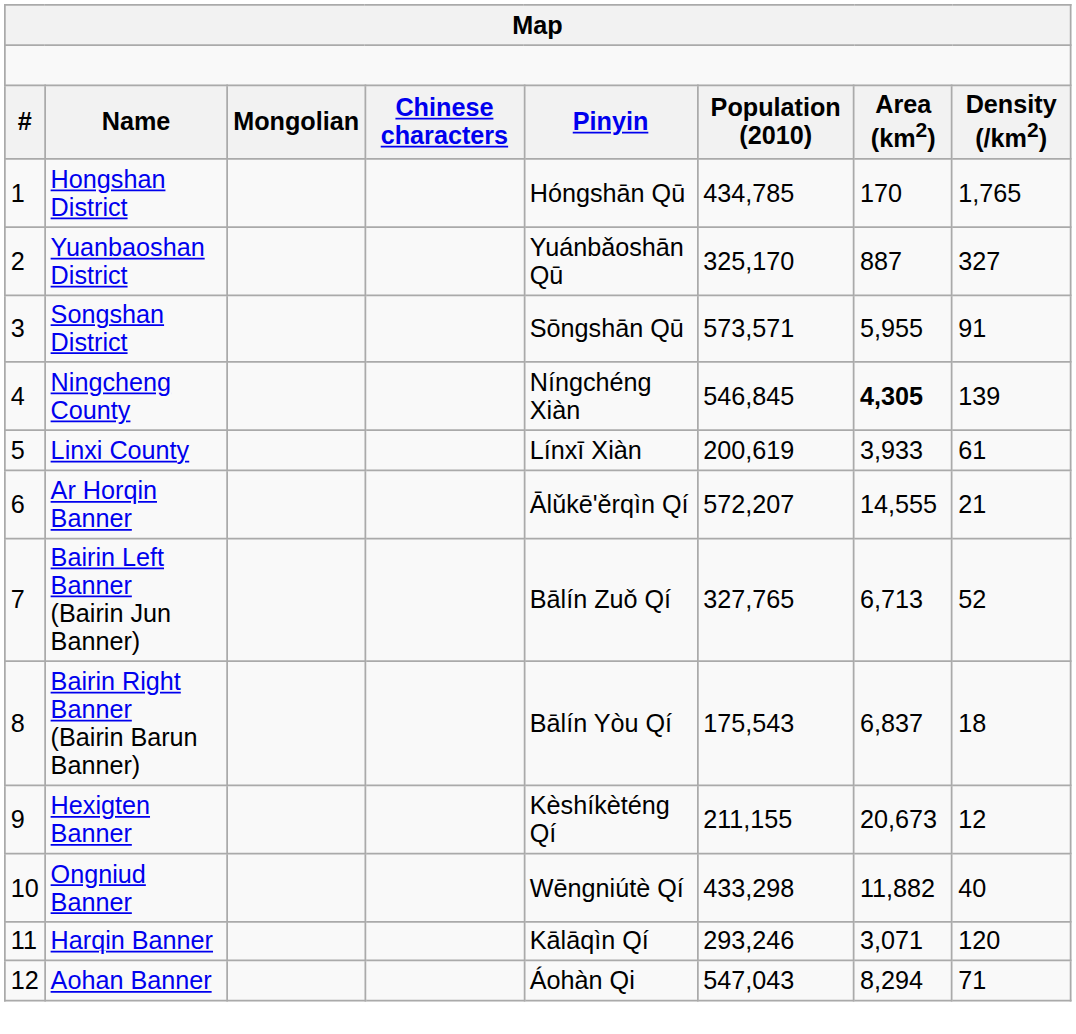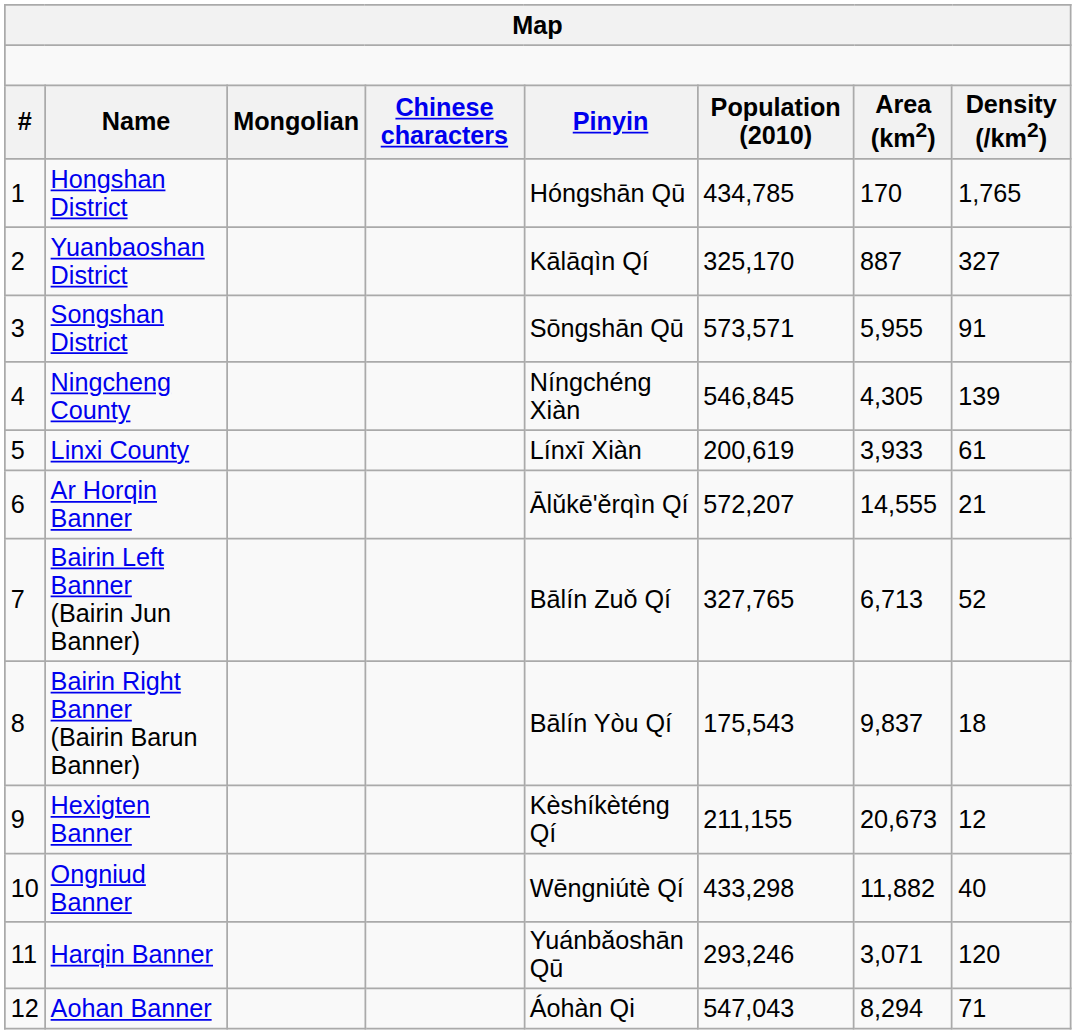 <table class="wikitable" style="font-size:90%;" align=center>
 <tr>
 <th colspan="8" align="center">Map</th>
 </tr>
 <tr>
 <td colspan="8" align="center"><div><br>                </div></td>
 </tr>
 <tr>
 <th>#</th>
 <th>Name</th>
 <th>Mongolian</th>
 <th><a href='#'>Chinese characters</a></th>
 <th><a href='#'>Pinyin</a></th>
 <th>Population (2010)</th>
 <th>Area (km<sup>2</sup>)</th>
 <th>Density (/km<sup>2</sup>)</th>
 </tr>
 <tr --------->
 <td>1</td>
 <td><a href='#'>Hongshan District</a></td>
 <td><br></td>
 <td></td>
 <td>Hóngshān Qū</td>
 <td>434,785</td>
 <td>170</td>
 <td>1,765</td>
 </tr>
 <tr --------->
 <td>2</td>
 <td><a href='#'>Yuanbaoshan District</a></td>
 <td><br></td>
 <td></td>
-<td>Yuánbǎoshān Qū</td>
+<td>Kālāqìn Qí</td>
 <td>325,170</td>
 <td>887</td>
 <td>327</td>
 </tr>
 <tr --------->
 <td>3</td>
 <td><a href='#'>Songshan District</a></td>
 <td><br></td>
 <td></td>
 <td>Sōngshān Qū</td>
 <td>573,571</td>
 <td>5,955</td>
 <td>91</td>
 </tr>
 <tr --------->
 <td>4</td>
 <td><a href='#'>Ningcheng County</a></td>
 <td><br></td>
 <td></td>
 <td>Níngchéng Xiàn</td>
 <td>546,845</td>
-<td><strong>4,305</strong></td>
+<td>4,305</td>
 <td>139</td>
 </tr>
 <tr --------->
 <td>5</td>
 <td><a href='#'>Linxi County</a></td>
 <td><br></td>
 <td></td>
 <td>Línxī Xiàn</td>
 <td>200,619</td>
 <td>3,933</td>
 <td>61</td>
 </tr>
 <tr --------->
 <td>6</td>
 <td><a href='#'>Ar Horqin Banner</a></td>
 <td><br></td>
 <td></td>
 <td>Ālǔkē'ěrqìn Qí</td>
 <td>572,207</td>
 <td>14,555</td>
 <td>21</td>
 </tr>
 <tr --------->
 <td>7</td>
 <td><a href='#'>Bairin Left Banner</a><br>(Bairin Jun Banner)</td>
 <td><br></td>
 <td></td>
 <td>Bālín Zuǒ Qí</td>
 <td>327,765</td>
 <td>6,713</td>
 <td>52</td>
 </tr>
 <tr --------->
 <td>8</td>
 <td><a href='#'>Bairin Right Banner</a><br>(Bairin Barun Banner)</td>
 <td><br></td>
 <td></td>
 <td>Bālín Yòu Qí</td>
 <td>175,543</td>
-<td>6,837</td>
+<td>9,837</td>
 <td>18</td>
 </tr>
 <tr --------->
 <td>9</td>
 <td><a href='#'>Hexigten Banner</a></td>
 <td><br></td>
 <td></td>
 <td>Kèshíkèténg Qí</td>
 <td>211,155</td>
 <td>20,673</td>
 <td>12</td>
 </tr>
 <tr --------->
 <td>10</td>
 <td><a href='#'>Ongniud Banner</a></td>
 <td><br></td>
 <td></td>
 <td>Wēngniútè Qí</td>
 <td>433,298</td>
 <td>11,882</td>
 <td>40</td>
 </tr>
 <tr --------->
 <td>11</td>
 <td><a href='#'>Harqin Banner</a></td>
 <td><br></td>
 <td></td>
-<td>Kālāqìn Qí</td>
+<td>Yuánbǎoshān Qū</td>
 <td>293,246</td>
 <td>3,071</td>
 <td>120</td>
 </tr>
 <tr --------->
 <td>12</td>
 <td><a href='#'>Aohan Banner</a></td>
 <td><br></td>
 <td></td>
 <td>Áohàn Qi</td>
 <td>547,043</td>
 <td>8,294</td>
 <td>71</td>
 </tr>
 </table>
